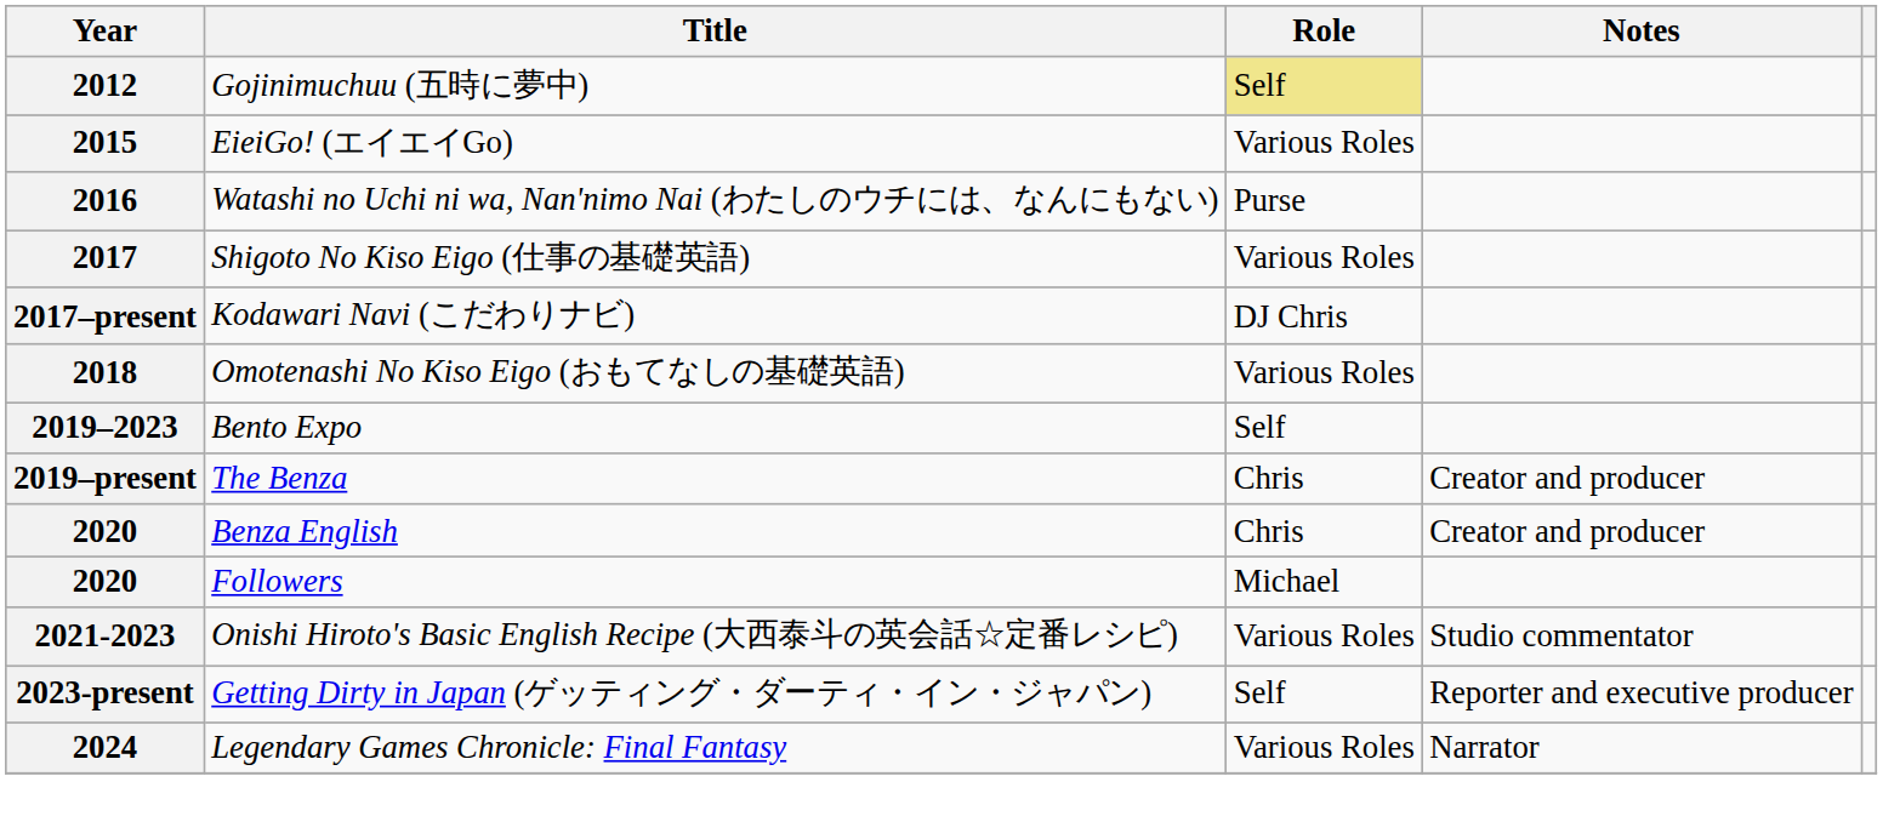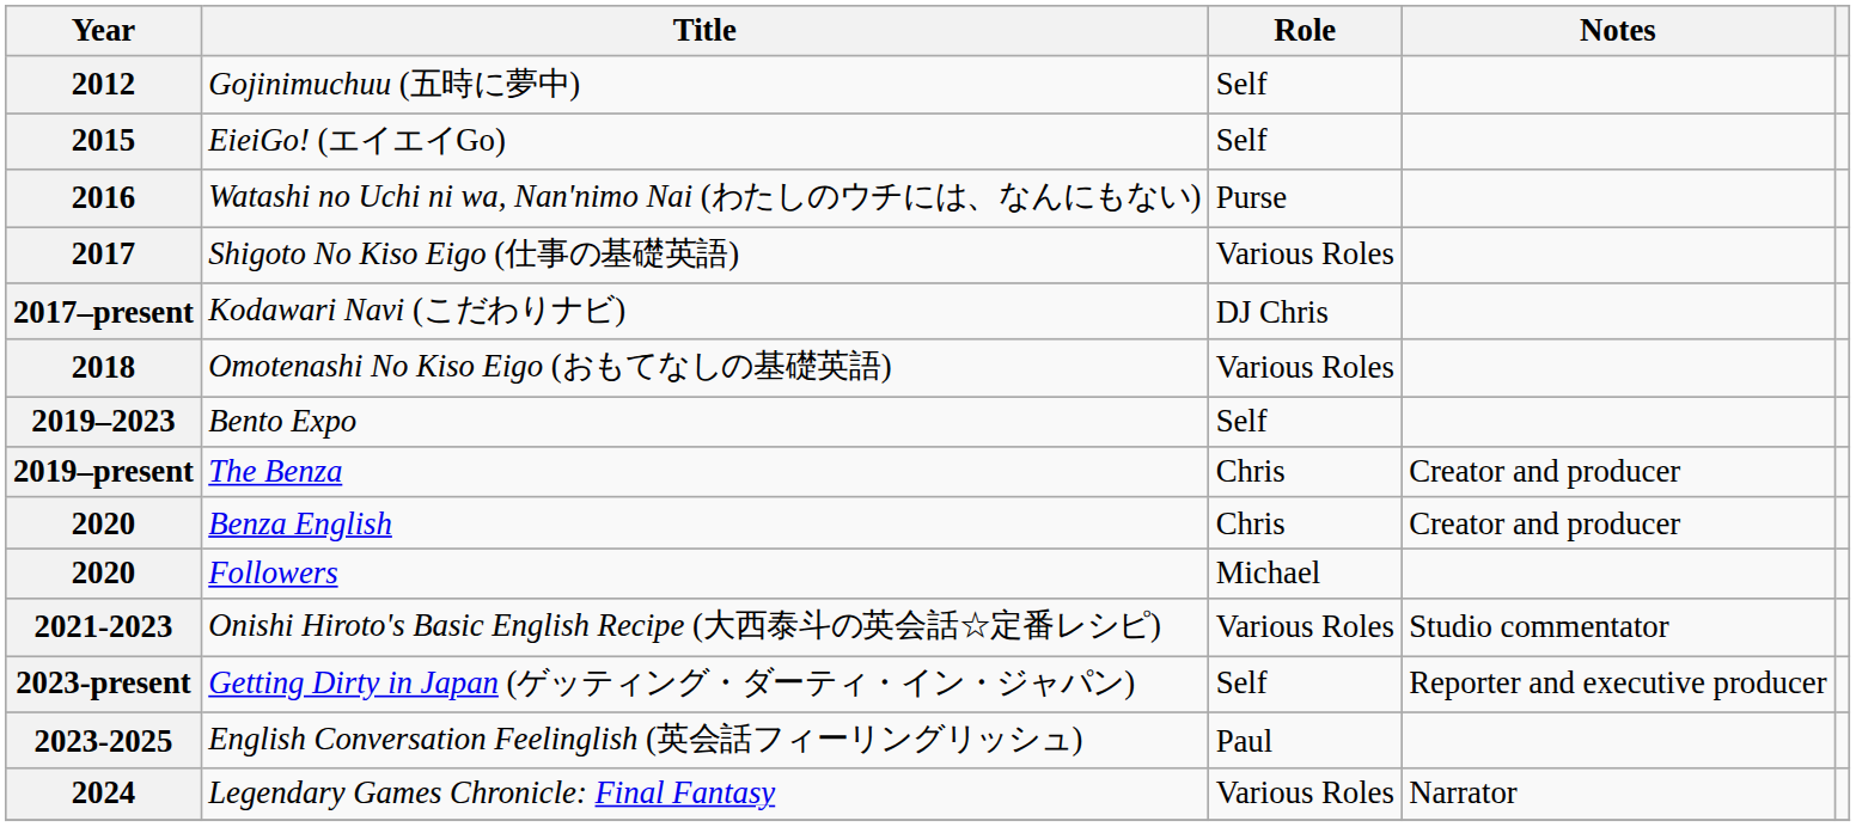 <table class="wikitable plainrowheaders sortable">
 <tr>
 <th>Year</th>
 <th>Title</th>
 <th>Role</th>
 <th class="unsortable">Notes</th>
 <th class="unsortable"></th>
 </tr>
 <tr>
 <th scope="row">2012</th>
 <td><em>Gojinimuchuu</em> (五時に夢中)</td>
-<td style="background: khaki;">Self</td>
+<td>Self</td>
 <td></td>
 <td style="text-align:center;"></td>
 </tr>
 <tr>
 <th scope="row">2015</th>
 <td><em>EieiGo!</em> (エイエイGo)</td>
-<td>Various Roles</td>
+<td>Self</td>
 <td></td>
 <td style="text-align:center;"></td>
 </tr>
 <tr>
 <th scope="row">2016</th>
 <td><em>Watashi no Uchi ni wa, Nan'nimo Nai</em> (わたしのウチには、なんにもない)</td>
 <td>Purse</td>
 <td></td>
 <td style="text-align:center;"></td>
 </tr>
 <tr>
 <th scope="row">2017</th>
 <td><em>Shigoto No Kiso Eigo</em> (仕事の基礎英語)</td>
 <td>Various Roles</td>
 <td></td>
 <td style="text-align:center;"></td>
 </tr>
 <tr>
 <th scope="row">2017–present</th>
 <td><em>Kodawari Navi</em> (こだわりナビ)</td>
 <td>DJ Chris</td>
 <td></td>
 <td style="text-align:center;"></td>
 </tr>
 <tr>
 <th scope="row">2018</th>
 <td><em>Omotenashi No Kiso Eigo</em> (おもてなしの基礎英語)</td>
 <td>Various Roles</td>
 <td></td>
 <td style="text-align:center;"></td>
 </tr>
 <tr>
 <th scope="row">2019–2023</th>
 <td><em>Bento Expo</em></td>
 <td>Self</td>
 <td></td>
 <td style="text-align:center;"></td>
 </tr>
 <tr>
 <th scope="row">2019–present</th>
 <td><em><a href='#'>The Benza</a></em></td>
 <td>Chris</td>
 <td>Creator and producer</td>
 <td style="text-align:center;"></td>
 </tr>
 <tr>
 <th scope="row">2020</th>
 <td><em><a href='#'>Benza English</a></em></td>
 <td>Chris</td>
 <td>Creator and producer</td>
 <td style="text-align:center;"></td>
 </tr>
 <tr>
 <th scope="row">2020</th>
 <td><em><a href='#'>Followers</a></em></td>
 <td>Michael</td>
 <td></td>
 <td style="text-align:center;"></td>
 </tr>
 <tr>
 <th scope="row">2021-2023</th>
 <td><em>Onishi Hiroto's Basic English Recipe</em> (大西泰斗の英会話☆定番レシピ)</td>
 <td>Various Roles</td>
 <td>Studio commentator</td>
 <td style="text-align:center;"></td>
 </tr>
 <tr>
 <th scope="row">2023-present</th>
 <td><em><a href='#'>Getting Dirty in Japan</a></em> (ゲッティング・ダーティ・イン・ジャパン)</td>
 <td>Self</td>
 <td>Reporter and executive producer</td>
 <td style="text-align:center;"></td>
 </tr>
 <tr>
+<th scope="row">2023-2025</th>
+<td><em>English Conversation Feelinglish</em> (英会話フィーリングリッシュ)</td>
+<td>Paul</td>
+<td></td>
+<td style="text-align:center;"></td>
+</tr>
+<tr>
 <th scope="row">2024</th>
 <td><em>Legendary Games Chronicle: <a href='#'>Final Fantasy</a></em></td>
 <td>Various Roles</td>
 <td>Narrator</td>
 <td style="text-align:center;"></td>
 </tr>
 <tr>
 </tr>
 </table>
